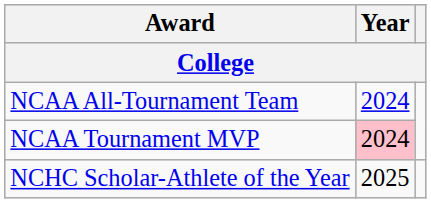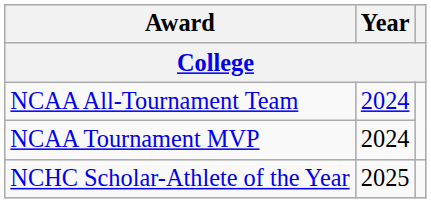 <table class="wikitable">
 <tr>
 <th>Award</th>
 <th>Year</th>
 <th></th>
 </tr>
 <tr>
 <th colspan="3"><a href='#'>College</a></th>
 </tr>
 <tr>
 <td><a href='#'>NCAA All-Tournament Team</a></td>
 <td><a href='#'>2024</a></td>
 <td rowspan="2"></td>
 </tr>
 <tr>
 <td><a href='#'>NCAA Tournament MVP</a></td>
-<td style="background: pink;">2024</td>
+<td>2024</td>
 </tr>
 <tr>
 <td><a href='#'>NCHC Scholar-Athlete of the Year</a></td>
 <td>2025</td>
 </tr>
 </table>
